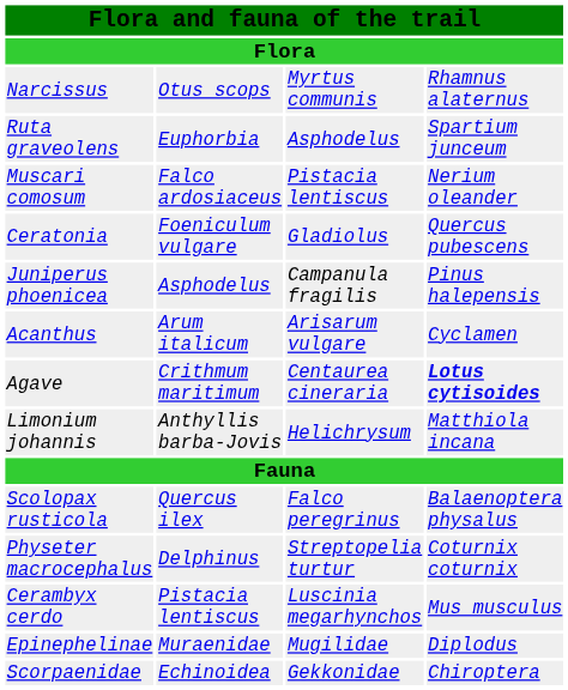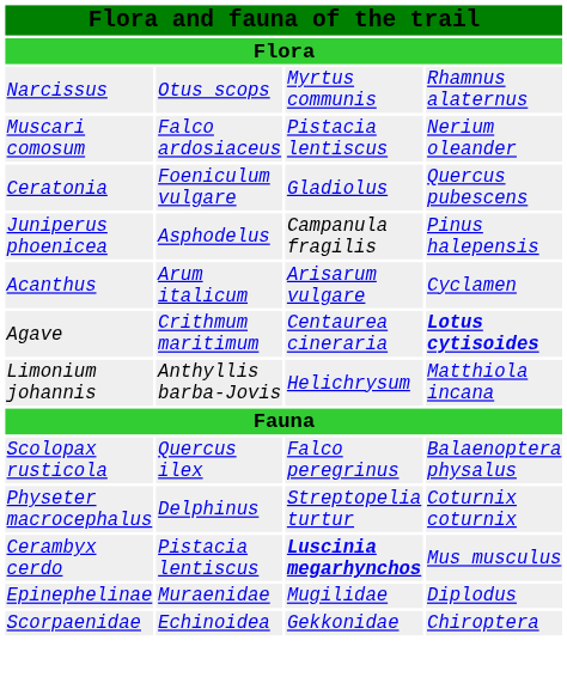 <table class="sinottico" style="width:20em;">
 <tr>
 <td colspan="4" style="background: #008000; font-size:125%; color: #white; text-align:center; align: left"><strong>Flora and fauna of the trail</strong></td>
 </tr>
 <tr>
 <td colspan="4" style="background: #32cd32; font-size:110%; color: #white; text-align:center; align: left"><strong>Flora</strong></td>
 </tr>
 <tr>
 <td bgcolor="#EFEFEF"><em><a href='#'>Narcissus</a></em></td>
 <td bgcolor="#EFEFEF"><em><a href='#'>Otus scops</a></em></td>
 <td bgcolor="#EFEFEF"><em><a href='#'>Myrtus communis</a></em></td>
 <td bgcolor="#EFEFEF"><em><a href='#'>Rhamnus alaternus</a></em></td>
-</tr>
-<tr>
-<td bgcolor="#EFEFEF"><em><a href='#'>Ruta graveolens</a></em></td>
-<td bgcolor="#EFEFEF"><em><a href='#'>Euphorbia</a></em></td>
-<td bgcolor="#EFEFEF"><em><a href='#'>Asphodelus</a></em></td>
-<td bgcolor="#EFEFEF"><em><a href='#'>Spartium junceum</a></em></td>
 </tr>
 <tr>
 <td bgcolor="#EFEFEF"><em><a href='#'>Muscari comosum</a></em></td>
 <td bgcolor="#EFEFEF"><em><a href='#'>Falco ardosiaceus</a></em></td>
 <td bgcolor="#EFEFEF"><em><a href='#'>Pistacia lentiscus</a></em></td>
 <td bgcolor="#EFEFEF"><em><a href='#'>Nerium oleander</a></em></td>
 </tr>
 <tr>
 <td bgcolor="#EFEFEF"><em><a href='#'>Ceratonia</a></em></td>
 <td bgcolor="#EFEFEF"><em><a href='#'>Foeniculum vulgare</a></em></td>
 <td bgcolor="#EFEFEF"><em><a href='#'>Gladiolus</a></em></td>
 <td bgcolor="#EFEFEF"><em><a href='#'>Quercus pubescens</a></em></td>
 </tr>
 <tr>
 <td bgcolor="#EFEFEF"><em><a href='#'>Juniperus phoenicea</a></em></td>
 <td bgcolor="#EFEFEF"><em><a href='#'>Asphodelus</a></em></td>
 <td bgcolor="#EFEFEF"><em>Campanula fragilis</em></td>
 <td bgcolor="#EFEFEF"><em><a href='#'>Pinus halepensis</a></em></td>
 </tr>
 <tr>
 <td bgcolor="#EFEFEF"><em><a href='#'>Acanthus</a></em></td>
 <td bgcolor="#EFEFEF"><em><a href='#'>Arum italicum</a></em></td>
 <td bgcolor="#EFEFEF"><em><a href='#'>Arisarum vulgare</a></em></td>
 <td bgcolor="#EFEFEF"><em><a href='#'>Cyclamen</a></em></td>
 </tr>
 <tr>
 <td bgcolor="#EFEFEF"><em>Agave</em></td>
 <td bgcolor="#EFEFEF"><em><a href='#'>Crithmum maritimum</a></em></td>
 <td bgcolor="#EFEFEF"><em><a href='#'>Centaurea cineraria</a></em></td>
 <td bgcolor="#EFEFEF"><strong><em><a href='#'>Lotus cytisoides</a></em></strong></td>
 </tr>
 <tr>
 <td bgcolor="#EFEFEF"><em>Limonium johannis</em></td>
 <td bgcolor="#EFEFEF"><em>Anthyllis barba-Jovis</em></td>
 <td bgcolor="#EFEFEF"><em><a href='#'>Helichrysum</a></em></td>
 <td bgcolor="#EFEFEF"><em><a href='#'>Matthiola incana</a></em></td>
 </tr>
 <tr>
 <td colspan="4" style="background: #32cd32; font-size:110%; color: #white; text-align:center; align: left"><strong>Fauna</strong></td>
 </tr>
 <tr>
 <td bgcolor="#EFEFEF"><em><a href='#'>Scolopax rusticola</a></em></td>
 <td bgcolor="#EFEFEF"><em><a href='#'>Quercus ilex</a></em></td>
 <td bgcolor="#EFEFEF"><em><a href='#'>Falco peregrinus</a></em></td>
 <td bgcolor="#EFEFEF"><em><a href='#'>Balaenoptera physalus</a></em></td>
 </tr>
 <tr>
 <td bgcolor="#EFEFEF"><em><a href='#'>Physeter macrocephalus</a></em></td>
 <td bgcolor="#EFEFEF"><em><a href='#'>Delphinus</a></em></td>
 <td bgcolor="#EFEFEF"><em><a href='#'>Streptopelia turtur</a></em></td>
 <td bgcolor="#EFEFEF"><em><a href='#'>Coturnix coturnix</a></em></td>
 </tr>
 <tr>
 <td bgcolor="#EFEFEF"><em><a href='#'>Cerambyx cerdo</a></em></td>
 <td bgcolor="#EFEFEF"><em><a href='#'>Pistacia lentiscus</a></em></td>
-<td bgcolor="#EFEFEF"><em><a href='#'>Luscinia megarhynchos</a></em></td>
+<td bgcolor="#EFEFEF"><strong><em><a href='#'>Luscinia megarhynchos</a></em></strong></td>
 <td bgcolor="#EFEFEF"><em><a href='#'>Mus musculus</a></em></td>
 </tr>
 <tr>
 <td bgcolor="#EFEFEF"><em><a href='#'>Epinephelinae</a></em></td>
 <td bgcolor="#EFEFEF"><em><a href='#'>Muraenidae</a></em></td>
 <td bgcolor="#EFEFEF"><em><a href='#'>Mugilidae</a></em></td>
 <td bgcolor="#EFEFEF"><em><a href='#'>Diplodus</a></em></td>
 </tr>
 <tr>
 <td bgcolor="#EFEFEF"><em><a href='#'>Scorpaenidae</a></em></td>
 <td bgcolor="#EFEFEF"><em><a href='#'>Echinoidea</a></em></td>
 <td bgcolor="#EFEFEF"><em><a href='#'>Gekkonidae</a></em></td>
 <td bgcolor="#EFEFEF"><em><a href='#'>Chiroptera</a></em></td>
 </tr>
 <tr>
 <td></td>
 </tr>
 </table>
